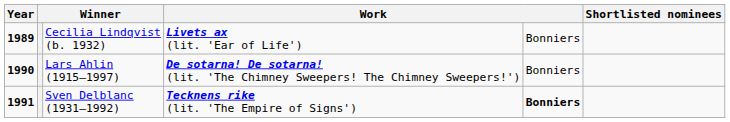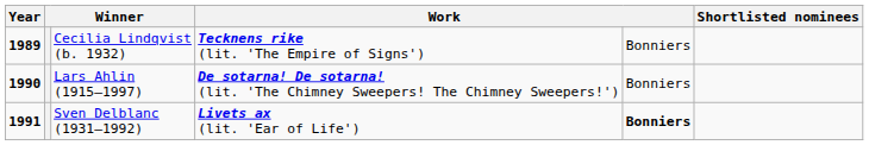 <table class="wikitable sortable plainrowheaders">
 <tr>
 <th scope="col">Year</th>
 <th colspan=2 scope="col">Winner</th>
 <th colspan=2 scope="col">Work</th>
 <th>Shortlisted nominees</th>
 </tr>
 <tr>
 <td><strong>1989</strong></td>
 <th scope="row"></th>
 <td><a href='#'>Cecilia Lindqvist</a> <br> (b. 1932)</td>
-<td><strong><em><a href='#'>Livets ax</a></em></strong> <br> (lit. 'Ear of Life')</td>
+<td><strong><em><a href='#'>Tecknens rike</a></em></strong> <br> (lit. 'The Empire of Signs')</td>
 <td>Bonniers</td>
 <td></td>
 </tr>
 <tr>
 <td><strong>1990</strong></td>
 <th scope="row"></th>
 <td><a href='#'>Lars Ahlin</a> <br> (1915–1997)</td>
 <td><strong><em><a href='#'>De sotarna! De sotarna!</a></em></strong> <br> (lit. 'The Chimney Sweepers! The Chimney Sweepers!')</td>
 <td>Bonniers</td>
 <td></td>
 </tr>
 <tr>
 <td><strong>1991</strong></td>
 <th scope="row"></th>
 <td><a href='#'>Sven Delblanc</a> <br> (1931–1992)</td>
-<td><strong><em><a href='#'>Tecknens rike</a></em></strong> <br> (lit. 'The Empire of Signs')</td>
+<td><strong><em><a href='#'>Livets ax</a></em></strong> <br> (lit. 'Ear of Life')</td>
 <td><strong>Bonniers</strong></td>
 <td></td>
 </tr>
 </table>
